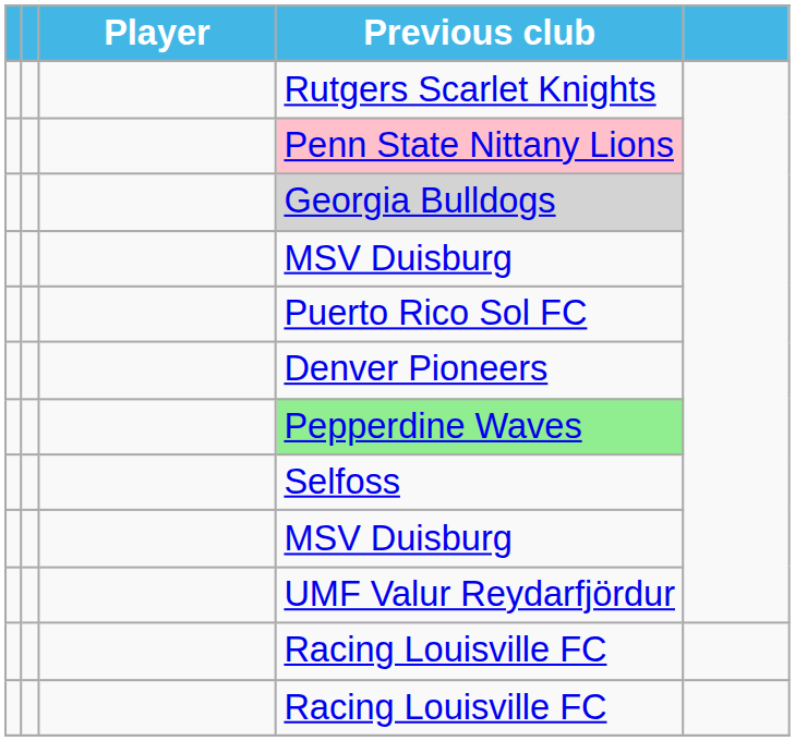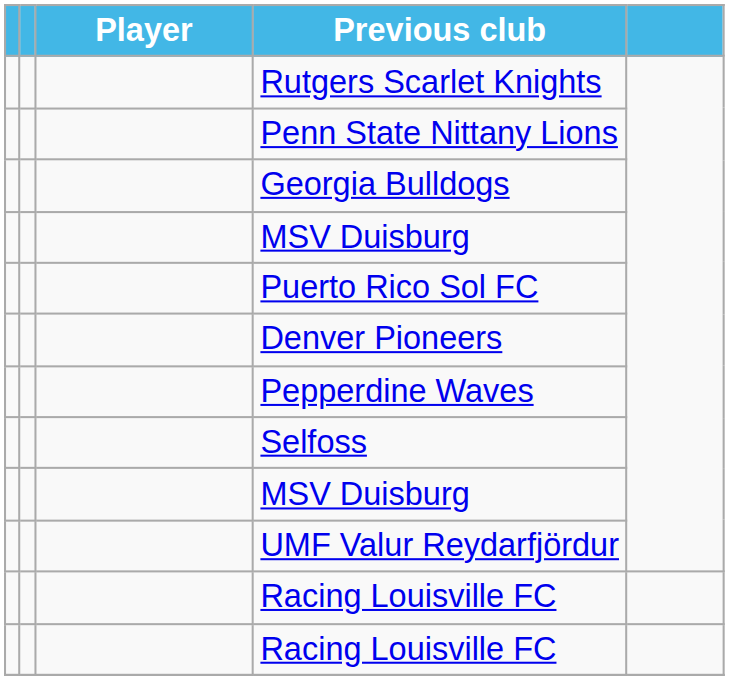 <table class="wikitable sortable">
 <tr>
 <th style="background:#42b7e6; color:#fff;" scope="col"></th>
 <th style="background:#42b7e6; color:#fff;" scope="col"></th>
 <th style="background:#42b7e6; color:#fff; width:100px;" scope="col">Player</th>
 <th style="background:#42b7e6; color:#fff;" scope="col">Previous club</th>
 <th style="background:#42b7e6; color:#fff; width:40px;" scope="col"></th>
 </tr>
 <tr>
 <td></td>
 <td></td>
 <td></td>
 <td> <a href='#'>Rutgers Scarlet Knights</a></td>
 <td rowspan=10></td>
 </tr>
 <tr>
 <td></td>
 <td></td>
 <td></td>
-<td style="background: pink;"> <a href='#'>Penn State Nittany Lions</a></td>
+<td> <a href='#'>Penn State Nittany Lions</a></td>
 </tr>
 <tr>
 <td></td>
 <td></td>
 <td></td>
-<td style="background: lightgrey;"> <a href='#'>Georgia Bulldogs</a></td>
+<td> <a href='#'>Georgia Bulldogs</a></td>
 </tr>
 <tr>
 <td></td>
 <td></td>
 <td></td>
 <td> <a href='#'>MSV Duisburg</a></td>
 </tr>
 <tr>
 <td></td>
 <td></td>
 <td></td>
 <td> <a href='#'>Puerto Rico Sol FC</a></td>
 </tr>
 <tr>
 <td></td>
 <td></td>
 <td></td>
 <td> <a href='#'>Denver Pioneers</a></td>
 </tr>
 <tr>
 <td></td>
 <td></td>
 <td></td>
-<td style="background: lightgreen;"> <a href='#'>Pepperdine Waves</a></td>
+<td> <a href='#'>Pepperdine Waves</a></td>
 </tr>
 <tr>
 <td></td>
 <td></td>
 <td></td>
 <td> <a href='#'>Selfoss</a></td>
 </tr>
 <tr>
 <td></td>
 <td></td>
 <td></td>
 <td> <a href='#'>MSV Duisburg</a></td>
 </tr>
 <tr>
 <td></td>
 <td></td>
 <td></td>
 <td> <a href='#'>UMF Valur Reydarfjördur</a> </td>
 </tr>
 <tr>
 <td></td>
 <td></td>
 <td></td>
 <td> <a href='#'>Racing Louisville FC</a></td>
 <td></td>
 </tr>
 <tr>
 <td></td>
 <td></td>
 <td></td>
 <td> <a href='#'>Racing Louisville FC</a></td>
 <td></td>
 </tr>
 <tr>
 </tr>
 </table>
